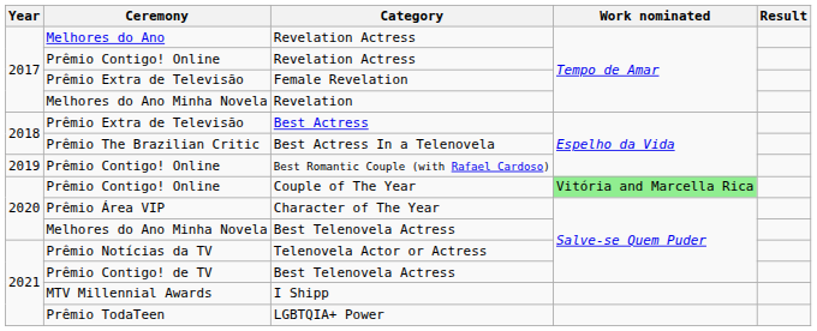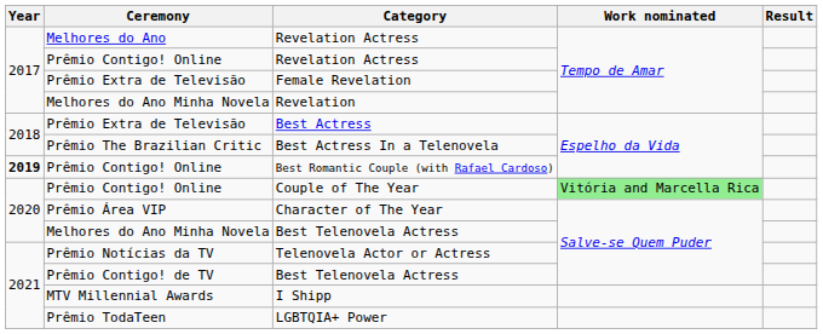 <table class="wikitable">
 <tr>
 <th>Year</th>
 <th>Ceremony</th>
 <th>Category</th>
 <th>Work nominated</th>
 <th>Result</th>
 </tr>
 <tr>
 <td rowspan="4">2017</td>
 <td><a href='#'>Melhores do Ano</a></td>
 <td>Revelation Actress</td>
 <td rowspan="4"><em><a href='#'>Tempo de Amar</a></em></td>
 <td></td>
 </tr>
 <tr>
 <td>Prêmio Contigo! Online</td>
 <td>Revelation Actress</td>
 <td></td>
 </tr>
 <tr>
 <td>Prêmio Extra de Televisão</td>
 <td>Female Revelation</td>
 <td></td>
 </tr>
 <tr>
 <td>Melhores do Ano Minha Novela</td>
 <td>Revelation</td>
 <td></td>
 </tr>
 <tr>
 <td rowspan="2">2018</td>
 <td>Prêmio Extra de Televisão</td>
 <td><a href='#'>Best Actress</a></td>
 <td rowspan="3"><em><a href='#'>Espelho da Vida</a></em></td>
 <td></td>
 </tr>
 <tr>
 <td>Prêmio The Brazilian Critic</td>
 <td>Best Actress In a Telenovela</td>
 <td></td>
 </tr>
 <tr>
-<td>2019</td>
+<td><strong>2019</strong></td>
 <td>Prêmio Contigo! Online</td>
 <td><small>Best Romantic Couple (with <a href='#'>Rafael Cardoso</a>)</small></td>
 <td></td>
 </tr>
 <tr>
 <td rowspan="3">2020</td>
 <td>Prêmio Contigo! Online</td>
 <td>Couple of The Year</td>
 <td style="background: lightgreen;">Vitória and Marcella Rica</td>
 <td></td>
 </tr>
 <tr>
 <td>Prêmio Área VIP</td>
 <td>Character of The Year</td>
 <td rowspan="4"><em><a href='#'>Salve-se Quem Puder</a></em></td>
 <td></td>
 </tr>
 <tr>
 <td>Melhores do Ano Minha Novela</td>
 <td>Best Telenovela Actress</td>
 <td></td>
 </tr>
 <tr>
 <td rowspan="4">2021</td>
 <td>Prêmio Notícias da TV</td>
 <td>Telenovela Actor or Actress</td>
 <td></td>
 </tr>
 <tr>
 <td>Prêmio Contigo! de TV</td>
 <td>Best Telenovela Actress</td>
 <td></td>
 </tr>
 <tr>
 <td>MTV Millennial Awards</td>
 <td>I Shipp</td>
 <td></td>
 <td></td>
 </tr>
 <tr>
 <td>Prêmio TodaTeen</td>
 <td>LGBTQIA+ Power</td>
 <td></td>
 <td></td>
 </tr>
 </table>
